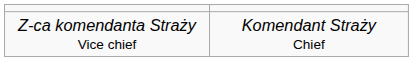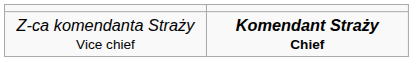 <table class=wikitable width=20% cellpadding=3px>
 <tr>
 <td align=center width=10%></td>
 <td align=center width=10%></td>
 </tr>
 <tr>
 <td align=center><em>Z-ca komendanta Straży</em><br><small>Vice chief</small></td>
-<td align=center><em>Komendant Straży</em> <br><small>Chief</small></td>
+<td align=center><strong><em>Komendant Straży</em> <br><small>Chief</small></strong></td>
 </tr>
 </table>
